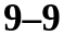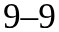 <table style="text-align:center">
 <tr>
 <th width=200></th>
 <th width=100></th>
 <th width=200></th>
 </tr>
 <tr>
 <td align=right><strong></strong></td>
-<td><strong>9–9</strong></td>
+<td>9–9</td>
 <td align=left><strong></strong></td>
 </tr>
 </table>
